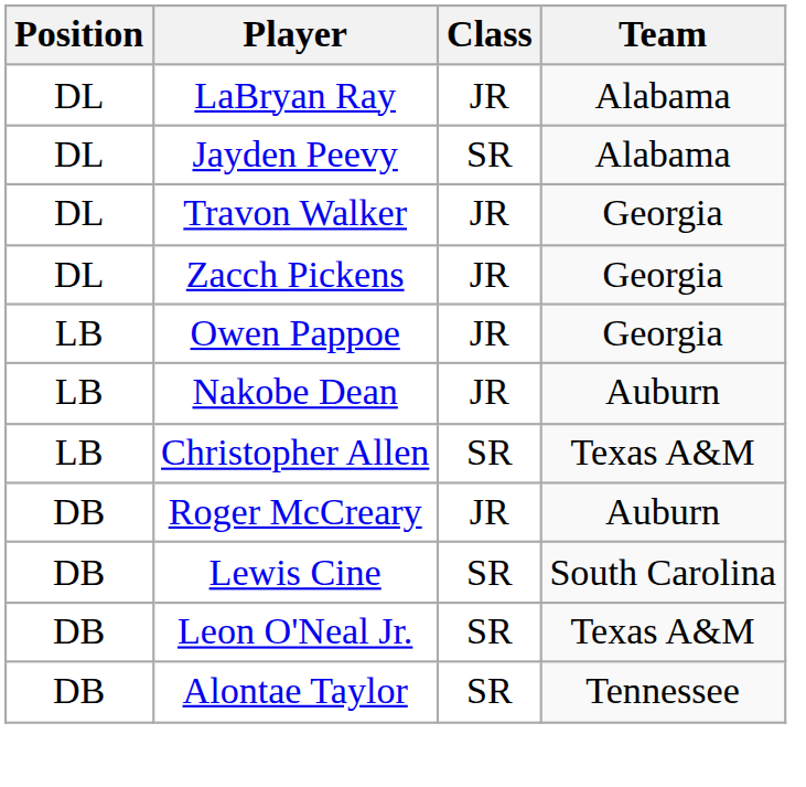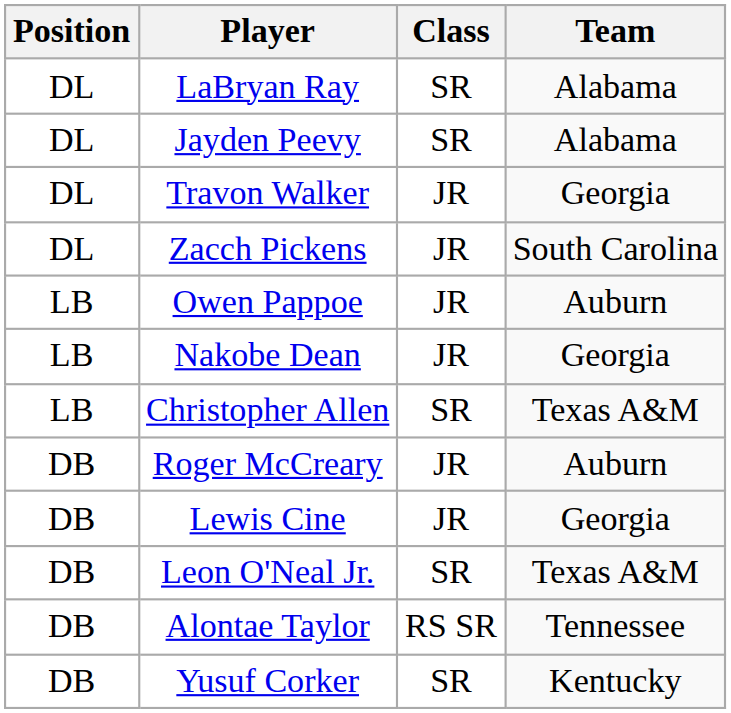 <table class="wikitable sortable">
 <tr>
 <th>Position</th>
 <th>Player</th>
 <th>Class</th>
 <th>Team</th>
 </tr>
 <tr style="text-align:center;">
 <td style="background:white">DL</td>
 <td style="background:white"><a href='#'>LaBryan Ray</a></td>
-<td style="background:white">JR</td>
+<td style="background:white">SR</td>
 <td>Alabama</td>
 </tr>
 <tr style="text-align:center;">
 <td style="background:white">DL</td>
 <td style="background:white"><a href='#'>Jayden Peevy</a></td>
 <td style="background:white">SR</td>
 <td>Alabama</td>
 </tr>
 <tr style="text-align:center;">
 <td style="background:white">DL</td>
 <td style="background:white"><a href='#'>Travon Walker</a></td>
 <td style="background:white">JR</td>
 <td>Georgia</td>
 </tr>
 <tr style="text-align:center;">
 <td style="background:white">DL</td>
 <td style="background:white"><a href='#'>Zacch Pickens</a></td>
 <td style="background:white">JR</td>
-<td>Georgia</td>
+<td>South Carolina</td>
 </tr>
 <tr style="text-align:center;">
 <td style="background:white">LB</td>
 <td style="background:white"><a href='#'>Owen Pappoe</a></td>
 <td style="background:white">JR</td>
-<td>Georgia</td>
+<td>Auburn</td>
 </tr>
 <tr style="text-align:center;">
 <td style="background:white">LB</td>
 <td style="background:white"><a href='#'>Nakobe Dean</a></td>
 <td style="background:white">JR</td>
-<td>Auburn</td>
+<td>Georgia</td>
 </tr>
 <tr style="text-align:center;">
 <td style="background:white">LB</td>
 <td style="background:white"><a href='#'>Christopher Allen</a></td>
 <td style="background:white">SR</td>
 <td>Texas A&M</td>
 </tr>
 <tr style="text-align:center;">
 <td style="background:white">DB</td>
 <td style="background:white"><a href='#'>Roger McCreary</a></td>
 <td style="background:white">JR</td>
 <td>Auburn</td>
 </tr>
 <tr style="text-align:center;">
 <td style="background:white">DB</td>
 <td style="background:white"><a href='#'>Lewis Cine</a></td>
-<td style="background:white">SR</td>
-<td>South Carolina</td>
+<td style="background:white">JR</td>
+<td>Georgia</td>
 </tr>
 <tr style="text-align:center;">
 <td style="background:white">DB</td>
 <td style="background:white"><a href='#'>Leon O'Neal Jr.</a></td>
 <td style="background:white">SR</td>
 <td>Texas A&M</td>
 </tr>
 <tr style="text-align:center;">
 <td style="background:white">DB</td>
 <td style="background:white"><a href='#'>Alontae Taylor</a></td>
-<td style="background:white">SR</td>
+<td style="background:white">RS SR</td>
 <td>Tennessee</td>
 </tr>
+<tr style="text-align:center;">
+<td style="background:white">DB</td>
+<td style="background:white"><a href='#'>Yusuf Corker</a></td>
+<td style="background:white">SR</td>
+<td>Kentucky</td>
+</tr>
 </table>
